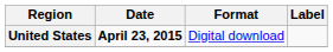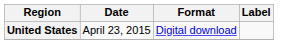 <table class="wikitable plainrowheaders">
 <tr>
 <th scope="col">Region</th>
 <th scope="col">Date</th>
 <th scope="col">Format</th>
 <th scope="col">Label</th>
 </tr>
 <tr>
 <th scope="row">United States</th>
-<td><strong>April 23, 2015</strong></td>
+<td>April 23, 2015</td>
 <td><a href='#'>Digital download</a></td>
 <td rowspan="1"></td>
 </tr>
 <tr>
 </tr>
 </table>
